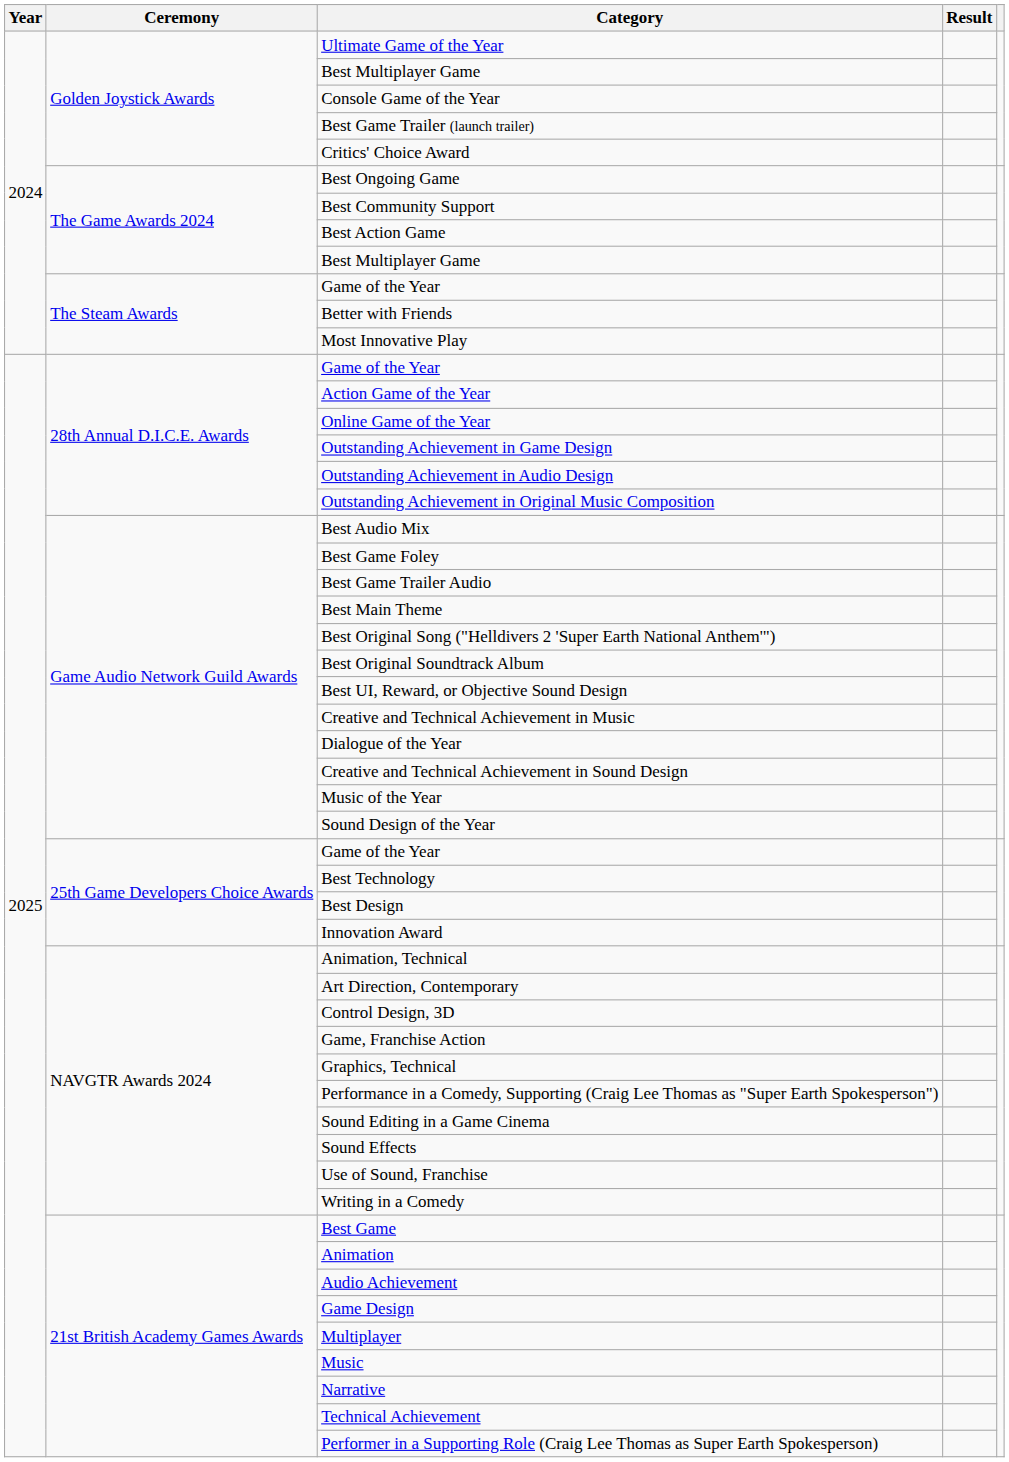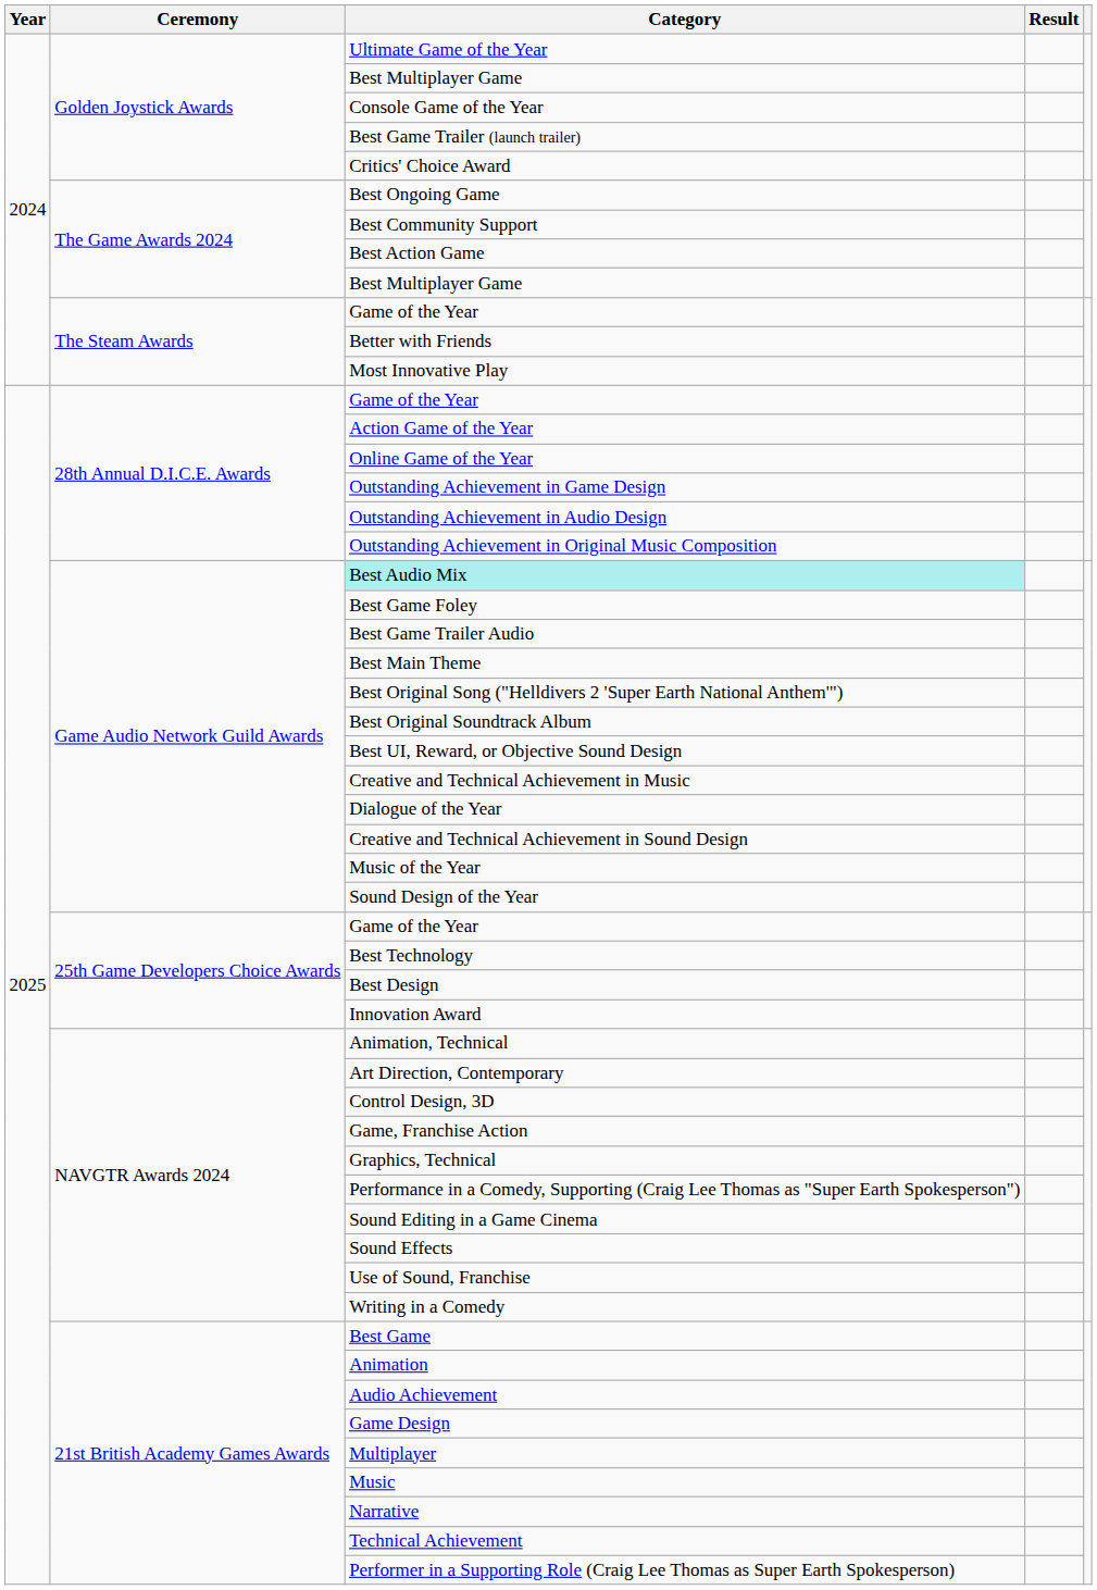 <table class="wikitable plainrowheaders sortable" width="auto">
 <tr>
 <th scope="col">Year</th>
 <th scope="col">Ceremony</th>
 <th scope="col">Category</th>
 <th scope="col">Result</th>
 <th scope="col" class="unsortable"></th>
 </tr>
 <tr>
 <td style="text-align:center;" rowspan="12">2024</td>
 <td rowspan="5"><a href='#'>Golden Joystick Awards</a></td>
 <td><a href='#'>Ultimate Game of the Year</a></td>
 <td></td>
 <td style="text-align:center;" rowspan="5"></td>
 </tr>
 <tr>
 <td>Best Multiplayer Game</td>
 <td></td>
 </tr>
 <tr>
 <td>Console Game of the Year</td>
 <td></td>
 </tr>
 <tr>
 <td>Best Game Trailer <small>(launch trailer)</small></td>
 <td></td>
 </tr>
 <tr>
 <td>Critics' Choice Award</td>
 <td></td>
 </tr>
 <tr>
 <td rowspan="4"><a href='#'>The Game Awards 2024</a></td>
 <td>Best Ongoing Game</td>
 <td></td>
 <td rowspan="4" style="text-align:center;"></td>
 </tr>
 <tr>
 <td>Best Community Support</td>
 <td></td>
 </tr>
 <tr>
 <td>Best Action Game</td>
 <td></td>
 </tr>
 <tr>
 <td>Best Multiplayer Game</td>
 <td></td>
 </tr>
 <tr>
 <td rowspan="3"><a href='#'>The Steam Awards</a></td>
 <td>Game of the Year</td>
 <td></td>
 <td rowspan="3" style="text-align: center;"></td>
 </tr>
 <tr>
 <td>Better with Friends</td>
 <td></td>
 </tr>
 <tr>
 <td>Most Innovative Play</td>
 <td></td>
 </tr>
 <tr>
 <td style="text-align:center;" rowspan="41">2025</td>
 <td rowspan="6"><a href='#'>28th Annual D.I.C.E. Awards</a></td>
 <td><a href='#'>Game of the Year</a></td>
 <td></td>
 <td rowspan="6" style="text-align: center;"></td>
 </tr>
 <tr>
 <td><a href='#'>Action Game of the Year</a></td>
 <td></td>
 </tr>
 <tr>
 <td><a href='#'>Online Game of the Year</a></td>
 <td></td>
 </tr>
 <tr>
 <td><a href='#'>Outstanding Achievement in Game Design</a></td>
 <td></td>
 </tr>
 <tr>
 <td><a href='#'>Outstanding Achievement in Audio Design</a></td>
 <td></td>
 </tr>
 <tr>
 <td><a href='#'>Outstanding Achievement in Original Music Composition</a></td>
 <td></td>
 </tr>
 <tr>
 <td rowspan="12"><a href='#'>Game Audio Network Guild Awards</a></td>
-<td>Best Audio Mix</td>
+<td style="background: paleturquoise;">Best Audio Mix</td>
 <td></td>
 <td rowspan="12" style="text-align: center;"></td>
 </tr>
 <tr>
 <td>Best Game Foley</td>
 <td></td>
 </tr>
 <tr>
 <td>Best Game Trailer Audio</td>
 <td></td>
 </tr>
 <tr>
 <td>Best Main Theme</td>
 <td></td>
 </tr>
 <tr>
 <td>Best Original Song ("Helldivers 2 'Super Earth National Anthem'")</td>
 <td></td>
 </tr>
 <tr>
 <td>Best Original Soundtrack Album</td>
 <td></td>
 </tr>
 <tr>
 <td>Best UI, Reward, or Objective Sound Design</td>
 <td></td>
 </tr>
 <tr>
 <td>Creative and Technical Achievement in Music</td>
 <td></td>
 </tr>
 <tr>
 <td>Dialogue of the Year</td>
 <td></td>
 </tr>
 <tr>
 <td>Creative and Technical Achievement in Sound Design</td>
 <td></td>
 </tr>
 <tr>
 <td>Music of the Year</td>
 <td></td>
 </tr>
 <tr>
 <td>Sound Design of the Year</td>
 <td></td>
 </tr>
 <tr>
 <td rowspan="4"><a href='#'>25th Game Developers Choice Awards</a></td>
 <td>Game of the Year</td>
 <td></td>
 <td rowspan="4" style="text-align:center;"></td>
 </tr>
 <tr>
 <td>Best Technology</td>
 <td></td>
 </tr>
 <tr>
 <td>Best Design</td>
 <td></td>
 </tr>
 <tr>
 <td>Innovation Award</td>
 <td></td>
 </tr>
 <tr>
 <td rowspan="10">NAVGTR Awards 2024</td>
 <td>Animation, Technical</td>
 <td></td>
 <td align="center" rowspan="10"></td>
 </tr>
 <tr>
 <td>Art Direction, Contemporary</td>
 <td></td>
 </tr>
 <tr>
 <td>Control Design, 3D</td>
 <td></td>
 </tr>
 <tr>
 <td>Game, Franchise Action</td>
 <td></td>
 </tr>
 <tr>
 <td>Graphics, Technical</td>
 <td></td>
 </tr>
 <tr>
 <td>Performance in a Comedy, Supporting (Craig Lee Thomas as "Super Earth Spokesperson")</td>
 <td></td>
 </tr>
 <tr>
 <td>Sound Editing in a Game Cinema</td>
 <td></td>
 </tr>
 <tr>
 <td>Sound Effects</td>
 <td></td>
 </tr>
 <tr>
 <td>Use of Sound, Franchise</td>
 <td></td>
 </tr>
 <tr>
 <td>Writing in a Comedy</td>
 <td></td>
 </tr>
 <tr>
 <td rowspan="9"><a href='#'>21st British Academy Games Awards</a></td>
 <td><a href='#'>Best Game</a></td>
 <td></td>
 <td align="center" rowspan="9"></td>
 </tr>
 <tr>
 <td><a href='#'>Animation</a></td>
 <td></td>
 </tr>
 <tr>
 <td><a href='#'>Audio Achievement</a></td>
 <td></td>
 </tr>
 <tr>
 <td><a href='#'>Game Design</a></td>
 <td></td>
 </tr>
 <tr>
 <td><a href='#'>Multiplayer</a></td>
 <td></td>
 </tr>
 <tr>
 <td><a href='#'>Music</a></td>
 <td></td>
 </tr>
 <tr>
 <td><a href='#'>Narrative</a></td>
 <td></td>
 </tr>
 <tr>
 <td><a href='#'>Technical Achievement</a></td>
 <td></td>
 </tr>
 <tr>
 <td><a href='#'>Performer in a Supporting Role</a> (Craig Lee Thomas as Super Earth Spokesperson)</td>
 <td></td>
 </tr>
 </table>
